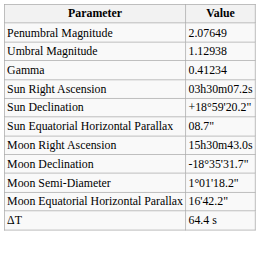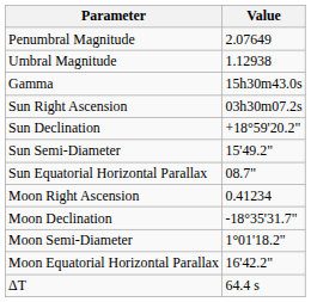 <table class="wikitable">
 <tr>
 <th>Parameter</th>
 <th>Value</th>
 </tr>
 <tr>
 <td>Penumbral Magnitude</td>
 <td>2.07649</td>
 </tr>
 <tr>
 <td>Umbral Magnitude</td>
 <td>1.12938</td>
 </tr>
 <tr>
 <td>Gamma</td>
-<td>0.41234</td>
+<td>15h30m43.0s</td>
 </tr>
 <tr>
 <td>Sun Right Ascension</td>
 <td>03h30m07.2s</td>
 </tr>
 <tr>
 <td>Sun Declination</td>
 <td>+18°59'20.2"</td>
 </tr>
 <tr>
+<td>Sun Semi-Diameter</td>
+<td>15'49.2"</td>
+</tr>
+<tr>
 <td>Sun Equatorial Horizontal Parallax</td>
 <td>08.7"</td>
 </tr>
 <tr>
 <td>Moon Right Ascension</td>
-<td>15h30m43.0s</td>
+<td>0.41234</td>
 </tr>
 <tr>
 <td>Moon Declination</td>
 <td>-18°35'31.7"</td>
 </tr>
 <tr>
 <td>Moon Semi-Diameter</td>
 <td>1°01'18.2"</td>
 </tr>
 <tr>
 <td>Moon Equatorial Horizontal Parallax</td>
 <td>16'42.2"</td>
 </tr>
 <tr>
 <td>ΔT</td>
 <td>64.4 s</td>
 </tr>
 </table>
